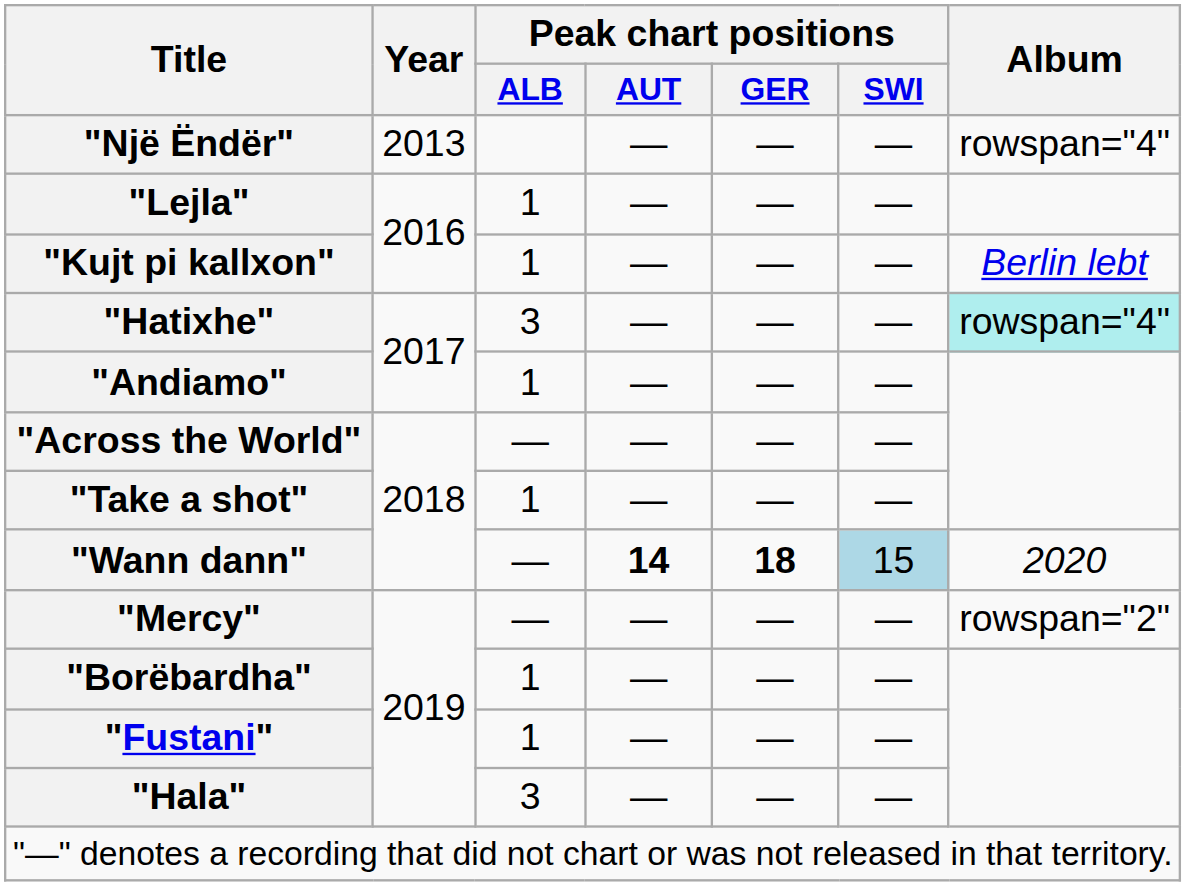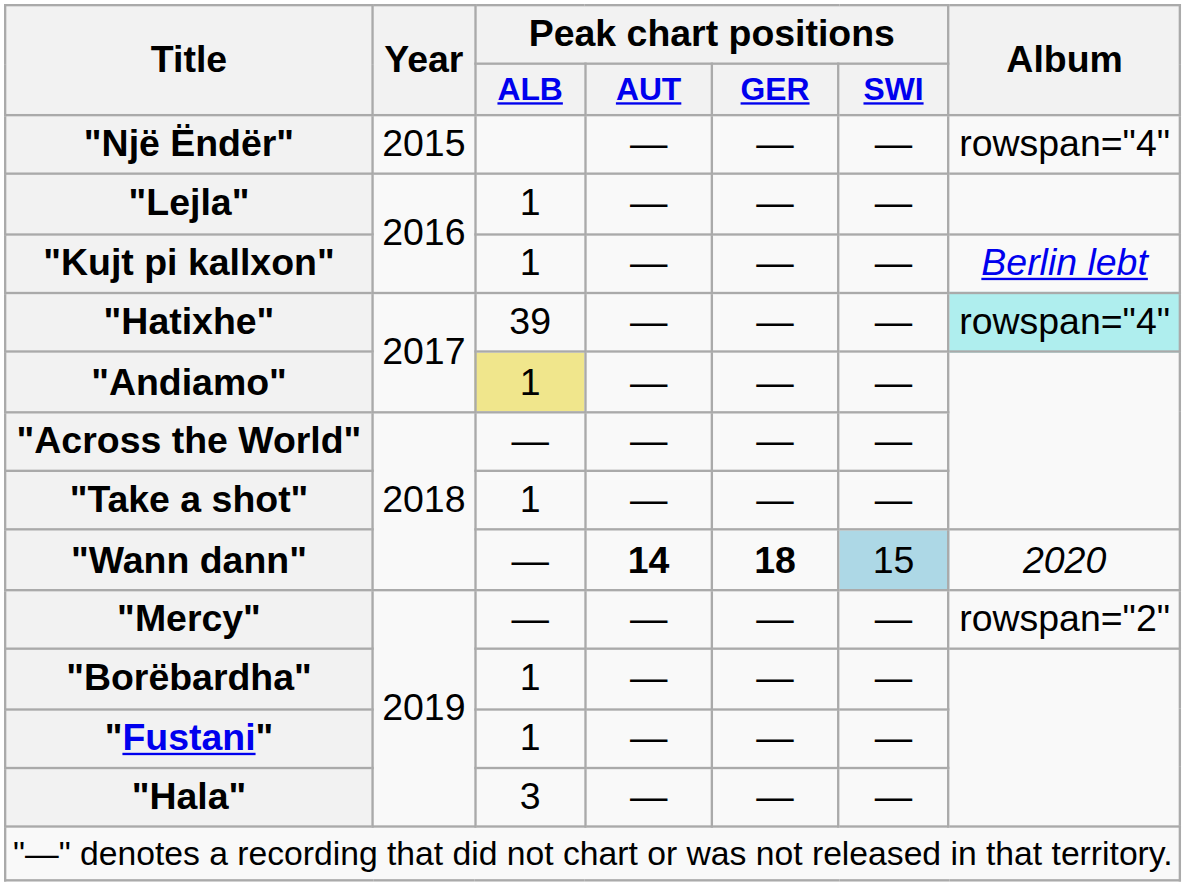 <table class="wikitable plainrowheaders" style="text-align:center;">
 <tr>
 <th scope="col" rowspan="2">Title</th>
 <th scope="col" rowspan="2">Year</th>
 <th scope="col" colspan="4">Peak chart positions</th>
 <th scope="col" rowspan="2">Album</th>
 </tr>
 <tr>
 <th style="width:3em; font-size:85%;"><a href='#'>ALB</a><br></th>
 <th style="width:3.5em; font-size:85%"><a href='#'>AUT</a><br></th>
 <th style="width:3.5em; font-size:85%"><a href='#'>GER</a><br></th>
 <th scope="col" style="width:3em;font-size:85%;"><a href='#'>SWI</a><br></th>
 </tr>
 <tr>
 <th scope="row">"Një Ëndër"</th>
-<td rowspan="1">2013</td>
+<td rowspan="1">2015</td>
 <td></td>
 <td>—</td>
 <td>—</td>
 <td>—</td>
 <td>rowspan="4" </td>
 </tr>
 <tr>
 <th scope="row">"Lejla"</th>
 <td rowspan="2">2016</td>
 <td>1</td>
 <td>—</td>
 <td>—</td>
 <td>—</td>
 </tr>
 <tr>
 <th scope="row">"Kujt pi kallxon"</th>
 <td>1</td>
 <td>—</td>
 <td>—</td>
 <td>—</td>
 <td><em><a href='#'>Berlin lebt</a></em></td>
 </tr>
 <tr>
 <th scope="row">"Hatixhe"</th>
 <td rowspan="2">2017</td>
-<td>3</td>
+<td>39</td>
 <td>—</td>
 <td>—</td>
 <td>—</td>
 <td style="background: paleturquoise;">rowspan="4" </td>
 </tr>
 <tr>
 <th scope="row">"Andiamo"</th>
-<td>1</td>
+<td style="background: khaki;">1</td>
 <td>—</td>
 <td>—</td>
 <td>—</td>
 </tr>
 <tr>
 <th scope="row">"Across the World"</th>
 <td rowspan="3">2018</td>
 <td>—</td>
 <td>—</td>
 <td>—</td>
 <td>—</td>
 </tr>
 <tr>
 <th scope="row">"Take a shot"</th>
 <td>1</td>
 <td>—</td>
 <td>—</td>
 <td>—</td>
 </tr>
 <tr>
 <th scope="row">"Wann dann"<br></th>
 <td>—</td>
 <td><strong>14</strong></td>
 <td><strong>18</strong></td>
 <td style="background: lightblue;">15</td>
 <td><em>2020</em></td>
 </tr>
 <tr>
 <th scope="row">"Mercy"</th>
 <td rowspan="4">2019</td>
 <td>—</td>
 <td>—</td>
 <td>—</td>
 <td>—</td>
 <td>rowspan="2" </td>
 </tr>
 <tr>
 <th scope="row">"Borëbardha"<br></th>
 <td>1</td>
 <td>—</td>
 <td>—</td>
 <td>—</td>
 </tr>
 <tr>
 <th scope="row">"<a href='#'>Fustani</a>"<br></th>
 <td>1</td>
 <td>—</td>
 <td>—</td>
 <td>—</td>
 </tr>
 <tr>
 <th scope="row">"Hala"<br></th>
 <td>3</td>
 <td>—</td>
 <td>—</td>
 <td>—</td>
 </tr>
 <tr>
 <td colspan="11" style="font-size:90%">"—" denotes a recording that did not chart or was not released in that territory.</td>
 </tr>
 </table>
